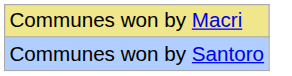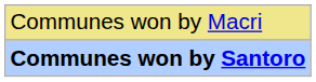 <table class="wikitable">
 <tr bgcolor="khaki">
 <td>Communes won by <a href='#'>Macri</a></td>
 </tr>
 <tr bgcolor="#B0CEFF">
-<td>Communes won by <a href='#'>Santoro</a></td>
+<td><strong>Communes won by <a href='#'>Santoro</a></strong></td>
 </tr>
 </table>
